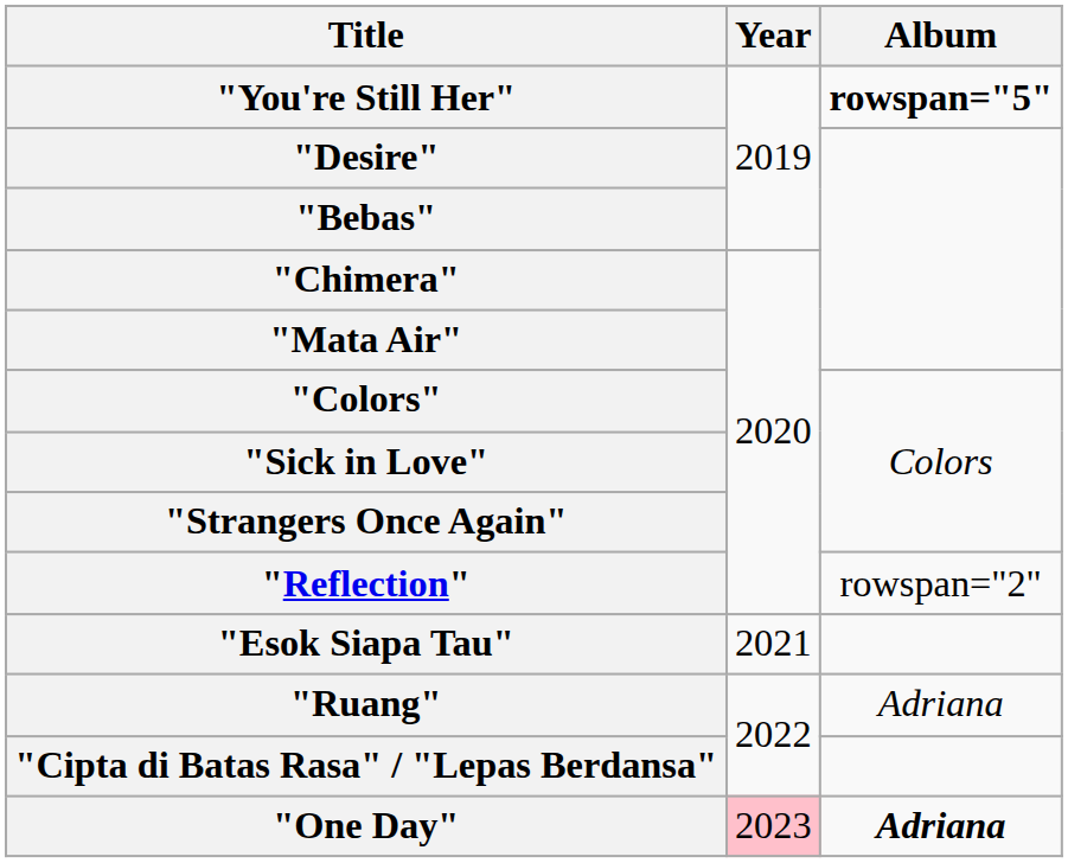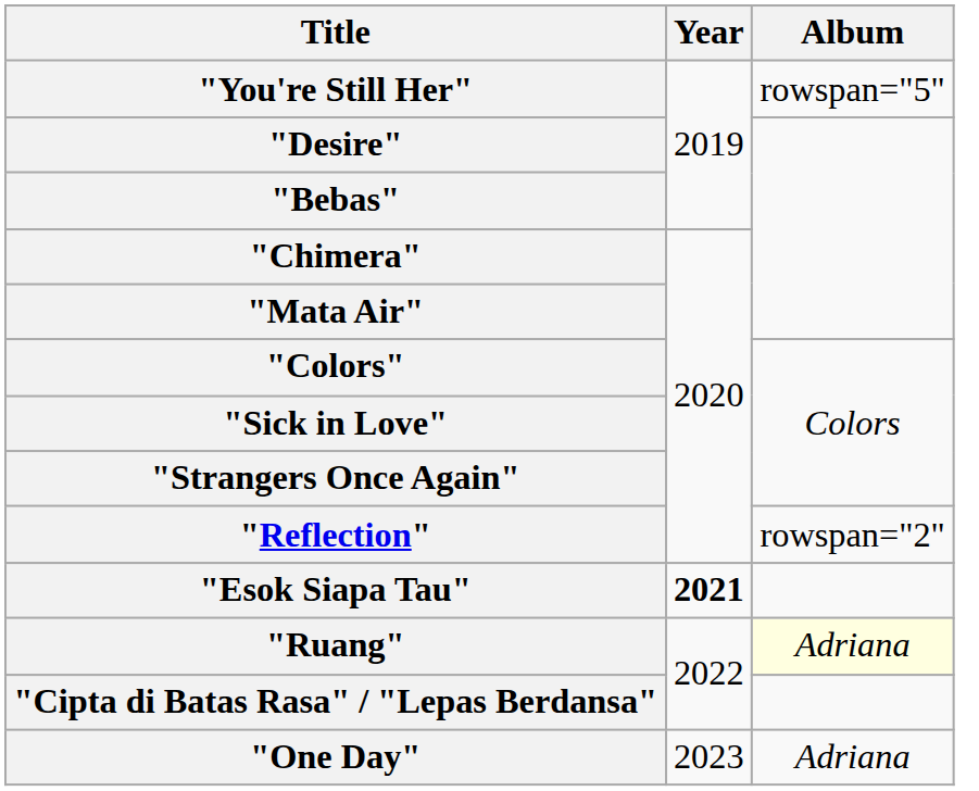 <table class="wikitable plainrowheaders" style="text-align:center">
 <tr>
 <th scope="col">Title</th>
 <th>Year</th>
 <th scope="col">Album</th>
 </tr>
 <tr>
 <th scope="row">"You're Still Her"</th>
 <td rowspan="3">2019</td>
-<td><strong>rowspan="5" </strong></td>
+<td>rowspan="5" </td>
 </tr>
 <tr>
 <th scope="row">"Desire"</th>
 </tr>
 <tr>
 <th scope="row">"Bebas"<br></th>
 </tr>
 <tr>
 <th scope="row">"Chimera"<br></th>
 <td rowspan="6">2020</td>
 </tr>
 <tr>
 <th scope="row">"Mata Air"</th>
 </tr>
 <tr>
 <th scope="row">"Colors"<br></th>
 <td rowspan="3"><em>Colors</em></td>
 </tr>
 <tr>
 <th scope="row">"Sick in Love"<br></th>
 </tr>
 <tr>
 <th scope="row">"Strangers Once Again"<br></th>
 </tr>
 <tr>
 <th scope="row">"<a href='#'>Reflection</a>"<br></th>
 <td>rowspan="2" </td>
 </tr>
 <tr>
 <th scope="row">"Esok Siapa Tau"</th>
-<td>2021</td>
+<td><strong>2021</strong></td>
 </tr>
 <tr>
 <th scope="row">"Ruang"</th>
 <td rowspan="2">2022</td>
-<td><em>Adriana</em></td>
+<td style="background: lightyellow;"><em>Adriana</em></td>
 </tr>
 <tr>
 <th scope="row">"Cipta di Batas Rasa" / "Lepas Berdansa"<br></th>
 <td></td>
 </tr>
 <tr>
 <th scope="row">"One Day"</th>
-<td style="background: pink;">2023</td>
-<td><strong><em>Adriana</em></strong></td>
+<td>2023</td>
+<td><em>Adriana</em></td>
 </tr>
 </table>
